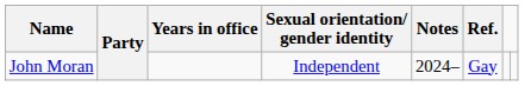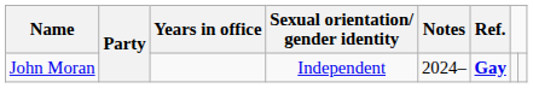 <table class="wikitable sortable" style="text-align:center">
 <tr>
 <th>Name</th>
 <th colspan="2" rowspan="2">Party</th>
 <th>Years in office</th>
 <th>Sexual orientation/<br>gender identity</th>
 <th>Notes</th>
 <th>Ref.</th>
 </tr>
 <tr>
 <td><a href='#'>John Moran</a><br></td>
 <td style="background-color:"></td>
 <td><a href='#'>Independent</a></td>
 <td>2024–</td>
-<td><a href='#'>Gay</a></td>
+<td><strong><a href='#'>Gay</a></strong></td>
 <td></td>
 <td></td>
 </tr>
 </table>
